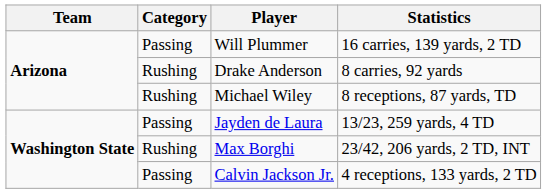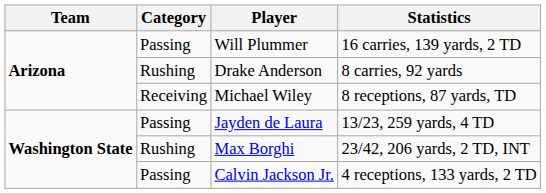 <table class="wikitable" style="float: right;">
 <tr>
 <th>Team</th>
 <th>Category</th>
 <th>Player</th>
 <th>Statistics</th>
 </tr>
 <tr>
 <td rowspan=3><strong>Arizona</strong></td>
 <td>Passing</td>
 <td>Will Plummer</td>
 <td>16 carries, 139 yards, 2 TD</td>
 </tr>
 <tr>
 <td>Rushing</td>
 <td>Drake Anderson</td>
 <td>8 carries, 92 yards</td>
 </tr>
 <tr>
-<td>Rushing</td>
+<td>Receiving</td>
 <td>Michael Wiley</td>
 <td>8 receptions, 87 yards, TD</td>
 </tr>
 <tr>
 <td rowspan=3><strong>Washington State</strong></td>
 <td>Passing</td>
 <td><a href='#'>Jayden de Laura</a></td>
 <td>13/23, 259 yards, 4 TD</td>
 </tr>
 <tr>
 <td>Rushing</td>
 <td><a href='#'>Max Borghi</a></td>
 <td>23/42, 206 yards, 2 TD, INT</td>
 </tr>
 <tr>
 <td>Passing</td>
 <td><a href='#'>Calvin Jackson Jr.</a></td>
 <td>4 receptions, 133 yards, 2 TD</td>
 </tr>
 </table>
